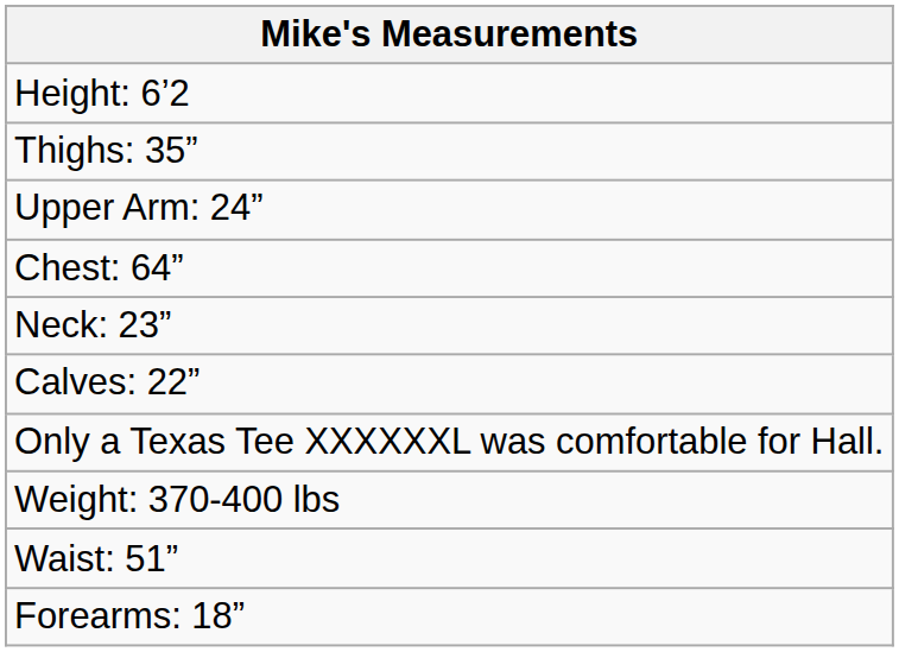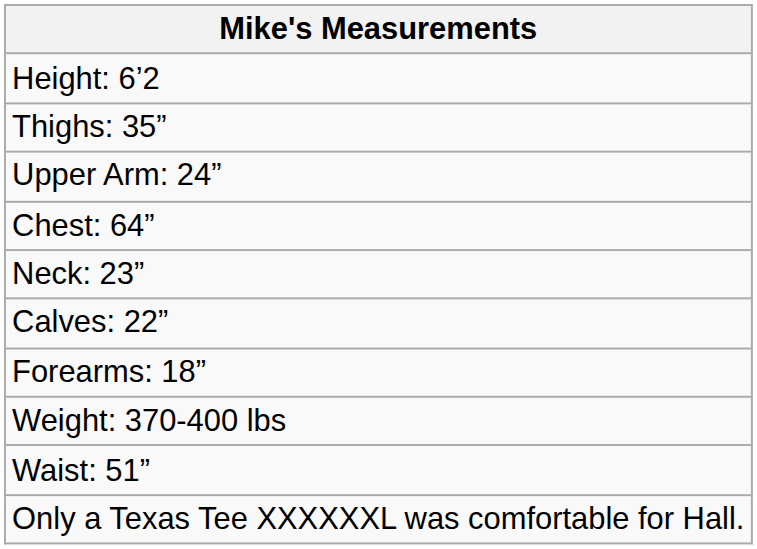 <table class="wikitable">
 <tr>
 <th>Mike's Measurements</th>
 </tr>
 <tr>
 <td>Height: 6’2</td>
 </tr>
 <tr>
 <td>Thighs: 35”</td>
 </tr>
 <tr>
 <td>Upper Arm: 24”</td>
 </tr>
 <tr>
 <td>Chest:	64”</td>
 </tr>
 <tr>
 <td>Neck:	23”</td>
 </tr>
 <tr>
 <td>Calves:	22”</td>
 </tr>
 <tr>
-<td>Only a Texas Tee XXXXXXL was comfortable for Hall.</td>
+<td>Forearms: 18”</td>
 </tr>
 <tr>
 <td>Weight: 370-400 lbs</td>
 </tr>
 <tr>
 <td>Waist: 51”</td>
 </tr>
 <tr>
-<td>Forearms: 18”</td>
+<td>Only a Texas Tee XXXXXXL was comfortable for Hall.</td>
 </tr>
 </table>
